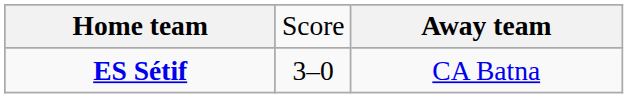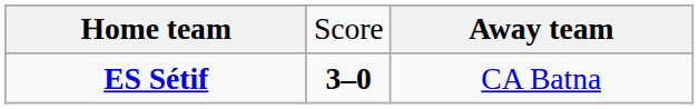 <table class="wikitable" style="text-align:center">
 <tr>
 <th width="150">Home team</th>
 <td>Score</td>
 <th width="150">Away team</th>
 </tr>
 <tr>
 <td><strong><a href='#'>ES Sétif</a></strong></td>
-<td>3–0</td>
+<td><strong>3–0</strong></td>
 <td><a href='#'>CA Batna</a></td>
 </tr>
 </table>
